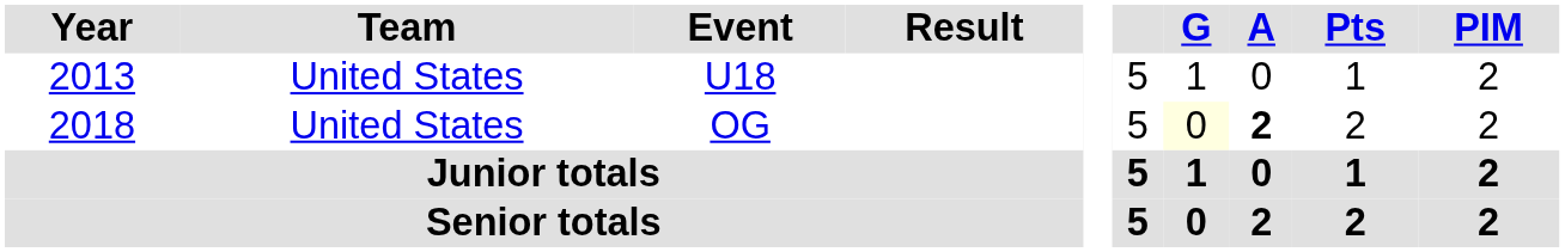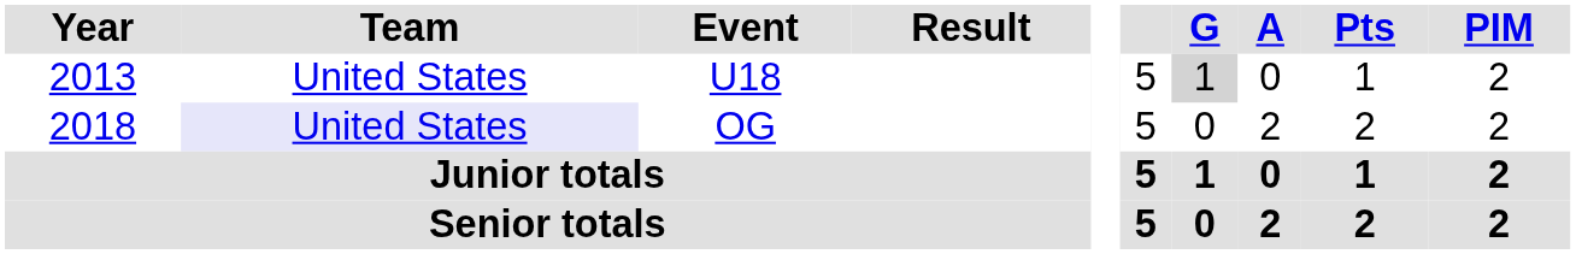 <table border="0" cellpadding="1" cellspacing="0" ID="Table3" style="text-align:center; width:40em">
 <tr align="center" bgcolor="#e0e0e0">
 <th>Year</th>
 <th>Team</th>
 <th>Event</th>
 <th>Result</th>
 <th rowspan="97" bgcolor="#ffffff"> </th>
 <th></th>
 <th><a href='#'>G</a></th>
 <th><a href='#'>A</a></th>
 <th><a href='#'>Pts</a></th>
 <th><a href='#'>PIM</a></th>
 </tr>
 <tr>
 <td><a href='#'>2013</a></td>
 <td><a href='#'>United States</a></td>
 <td><a href='#'>U18</a></td>
 <td></td>
 <td>5</td>
-<td>1</td>
+<td style="background: lightgrey;">1</td>
 <td>0</td>
 <td>1</td>
 <td>2</td>
 </tr>
 <tr>
 <td><a href='#'>2018</a></td>
-<td><a href='#'>United States</a></td>
+<td style="background: lavender;"><a href='#'>United States</a></td>
 <td><a href='#'>OG</a></td>
 <td></td>
 <td>5</td>
-<td style="background: lightyellow;">0</td>
-<td><strong>2</strong></td>
+<td>0</td>
+<td>2</td>
 <td>2</td>
 <td>2</td>
 </tr>
 <tr align="center" bgcolor="#e0e0e0">
 <th colspan=4>Junior totals</th>
 <th>5</th>
 <th>1</th>
 <th>0</th>
 <th>1</th>
 <th>2</th>
 </tr>
 <tr align="center" bgcolor="#e0e0e0">
 <th colspan=4>Senior totals</th>
 <th>5</th>
 <th>0</th>
 <th>2</th>
 <th>2</th>
 <th>2</th>
 </tr>
 </table>
